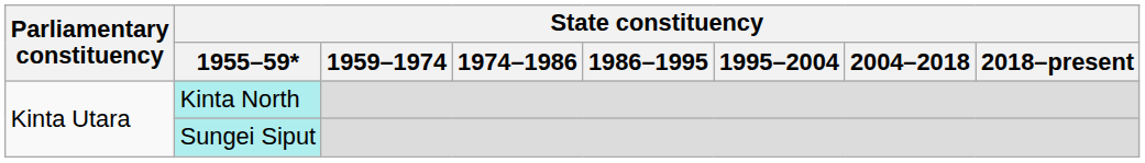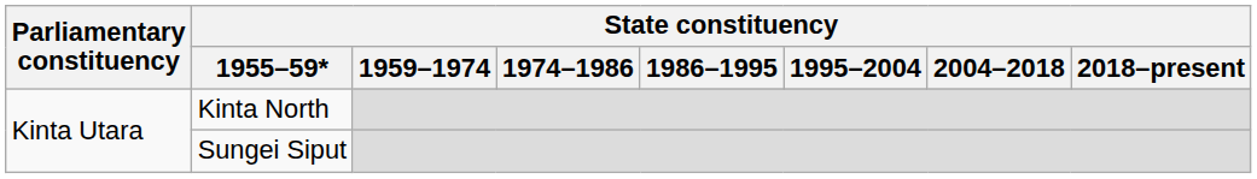 <table class="wikitable">
 <tr>
 <th rowspan="2">Parliamentary<br>constituency</th>
 <th colspan="7">State constituency</th>
 </tr>
 <tr>
 <th>1955–59*</th>
 <th>1959–1974</th>
 <th>1974–1986</th>
 <th>1986–1995</th>
 <th>1995–2004</th>
 <th>2004–2018</th>
 <th>2018–present</th>
 </tr>
 <tr>
 <td rowspan="2">Kinta Utara</td>
-<td style="background: paleturquoise;">Kinta North</td>
+<td>Kinta North</td>
 <td colspan="6" bgcolor="dcdcdc"></td>
 </tr>
 <tr>
-<td style="background: paleturquoise;">Sungei Siput</td>
+<td>Sungei Siput</td>
 <td colspan="6" bgcolor="dcdcdc"></td>
 </tr>
 </table>
